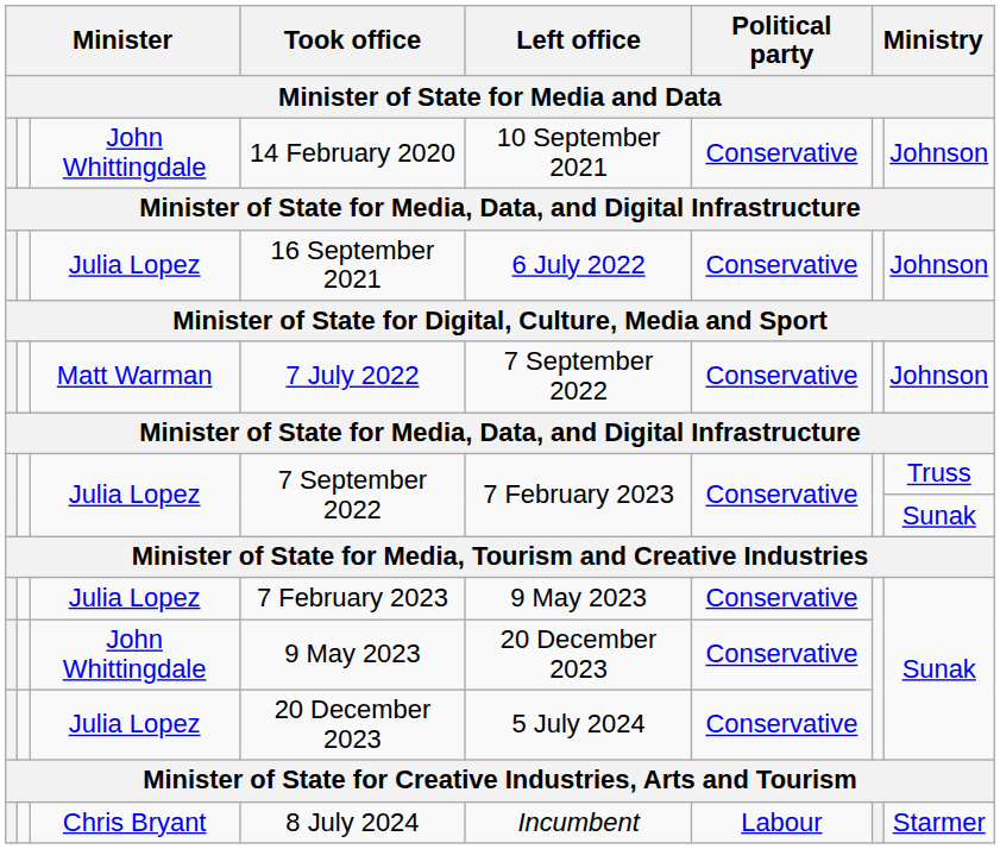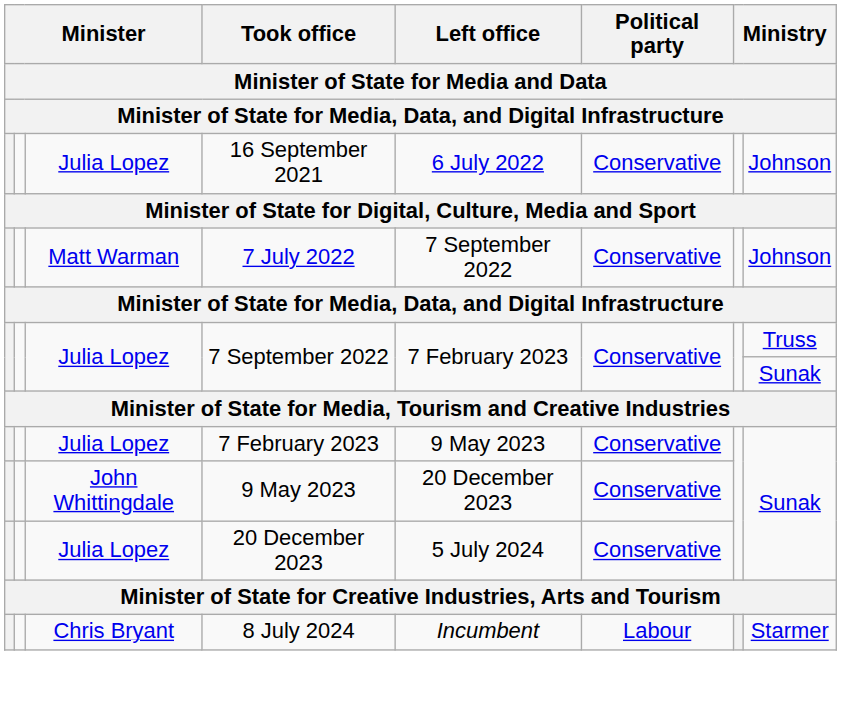 <table class="wikitable" style="text-align:center">
 <tr>
 <th colspan=3>Minister</th>
 <th>Took office</th>
 <th>Left office</th>
 <th>Political party</th>
 <th colspan=2>Ministry</th>
 </tr>
 <tr>
 <th colspan="8">Minister of State for Media and Data</th>
-</tr>
-<tr style="height:1em">
-<th style="background-color:"></th>
-<td></td>
-<td><a href='#'>John Whittingdale</a><br></td>
-<td>14 February 2020</td>
-<td>10 September 2021</td>
-<td rowspan=1><a href='#'>Conservative</a></td>
-<td rowspan=1 style="background-color:"></td>
-<td rowspan=1><a href='#'>Johnson</a><br></td>
 </tr>
 <tr>
 <th colspan="8">Minister of State for Media, Data, and Digital Infrastructure</th>
 </tr>
 <tr style="height:1em">
 <th style="background-color:"></th>
 <td></td>
 <td><a href='#'>Julia Lopez</a><br></td>
 <td>16 September 2021</td>
 <td><a href='#'>6 July 2022</a></td>
 <td rowspan=1><a href='#'>Conservative</a></td>
 <td rowspan=1 style="background-color:"></td>
 <td rowspan=1><a href='#'>Johnson</a><br></td>
 </tr>
 <tr>
 <th colspan="8">Minister of State for Digital, Culture, Media and Sport</th>
 </tr>
 <tr style="height:1em">
 <th style="background-color:"></th>
 <td></td>
 <td><a href='#'>Matt Warman</a><br></td>
 <td><a href='#'>7 July 2022</a></td>
 <td>7 September 2022</td>
 <td><a href='#'>Conservative</a></td>
 <td style="background-color:"></td>
 <td><a href='#'>Johnson</a><br></td>
 </tr>
 <tr>
 <th colspan="8">Minister of State for Media, Data, and Digital Infrastructure</th>
 </tr>
 <tr style="height:1em">
 <th rowspan=2 style="background-color:"></th>
 <td rowspan=2></td>
 <td rowspan=2><a href='#'>Julia Lopez</a><br></td>
 <td rowspan=2>7 September 2022</td>
 <td rowspan=2>7 February 2023</td>
 <td rowspan=2><a href='#'>Conservative</a></td>
 <td rowspan=2 style="background-color:"></td>
 <td><a href='#'>Truss</a></td>
 </tr>
 <tr>
 <td><a href='#'>Sunak</a></td>
 </tr>
 <tr>
 <th colspan="8">Minister of State for Media, Tourism and Creative Industries</th>
 </tr>
 <tr style="height:1em">
 <th style="background-color:"></th>
 <td></td>
 <td><a href='#'>Julia Lopez</a><br></td>
 <td>7 February 2023</td>
 <td>9 May 2023</td>
 <td><a href='#'>Conservative</a></td>
 <td rowspan=3 style="background-color:"></td>
 <td rowspan=3><a href='#'>Sunak</a></td>
 </tr>
 <tr style="height:1em">
 <th style="background-color:"></th>
 <td></td>
 <td><a href='#'>John Whittingdale</a><br></td>
 <td>9 May 2023</td>
 <td>20 December 2023</td>
 <td><a href='#'>Conservative</a></td>
 </tr>
 <tr style="height:1em">
 <th style="background-color:"></th>
 <td></td>
 <td><a href='#'>Julia Lopez</a><br></td>
 <td>20 December 2023</td>
 <td>5 July 2024</td>
 <td><a href='#'>Conservative</a></td>
 </tr>
 <tr>
 <th colspan="8">Minister of State for Creative Industries, Arts and Tourism</th>
 </tr>
 <tr style="height:1em">
 <th style="background-color:"></th>
 <td></td>
 <td><a href='#'>Chris Bryant</a><br></td>
 <td>8 July 2024</td>
 <td><em>Incumbent</em></td>
 <td><a href='#'>Labour</a></td>
 <th style="background-color:"></th>
 <td><a href='#'>Starmer</a></td>
 </tr>
 </table>
